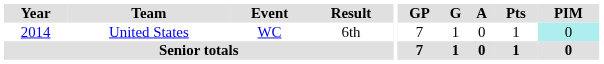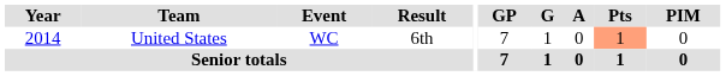 <table border="0" cellpadding="1" cellspacing="0" ID="Table3" style="text-align:center; width:40em">
 <tr ALIGN="center" bgcolor="#e0e0e0">
 <th>Year</th>
 <th>Team</th>
 <th>Event</th>
 <th>Result</th>
 <th rowspan="99" bgcolor="#ffffff"></th>
 <th>GP</th>
 <th>G</th>
 <th>A</th>
 <th>Pts</th>
 <th>PIM</th>
 </tr>
 <tr>
 <td><a href='#'>2014</a></td>
 <td><a href='#'>United States</a></td>
 <td><a href='#'>WC</a></td>
 <td>6th</td>
 <td>7</td>
 <td>1</td>
 <td>0</td>
-<td>1</td>
-<td style="background: paleturquoise;">0</td>
+<td style="background: lightsalmon;">1</td>
+<td>0</td>
 </tr>
 <tr bgcolor="#e0e0e0">
 <th colspan=4>Senior totals</th>
 <th>7</th>
 <th>1</th>
 <th>0</th>
 <th>1</th>
 <th>0</th>
 </tr>
 </table>
